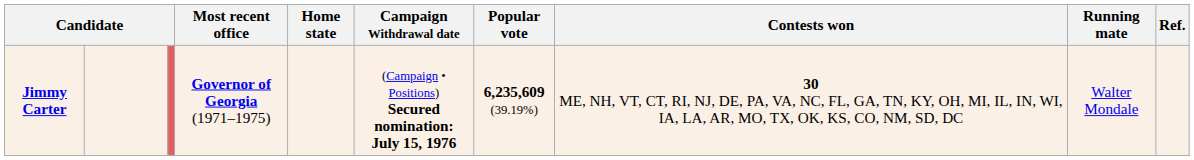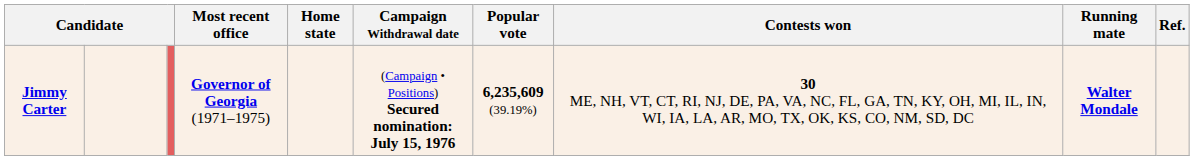 <table class="wikitable sortable" style="text-align:center;">
 <tr>
 <th colspan="3">Candidate</th>
 <th class="unsortable">Most recent office</th>
 <th>Home state</th>
 <th data-sort-type="date">Campaign<br><small>Withdrawal date</small></th>
 <th>Popular vote</th>
 <th>Contests won</th>
 <th>Running mate</th>
 <th>Ref.</th>
 </tr>
 <tr style="background:linen;">
 <th style="background:linen;" scope="row" data-sort-=""><a href='#'>Jimmy Carter</a></th>
 <td style="min-width:80px;"></td>
 <td style="background:#E35e5e;"></td>
 <td><strong><a href='#'>Governor of Georgia</a></strong><br>(1971–1975)</td>
 <td></td>
 <td data-sort-value="0"><br><small>(<a href='#'>Campaign</a> • <a href='#'>Positions</a>)</small><br><strong>Secured nomination:<br> July 15, 1976</strong></td>
 <td data-sort-value="6,235,609"><strong>6,235,609</strong><br><small>(39.19%)</small></td>
 <td data-sort-value="30"><strong>30</strong><br>ME, NH, VT, CT, RI, NJ, DE, PA, VA, NC, FL, GA, TN, KY, OH, MI, IL, IN, WI, IA, LA, AR, MO, TX, OK, KS, CO, NM, SD, DC</td>
-<td><a href='#'>Walter Mondale</a></td>
+<td><strong><a href='#'>Walter Mondale</a></strong></td>
 <td></td>
 </tr>
 </table>
